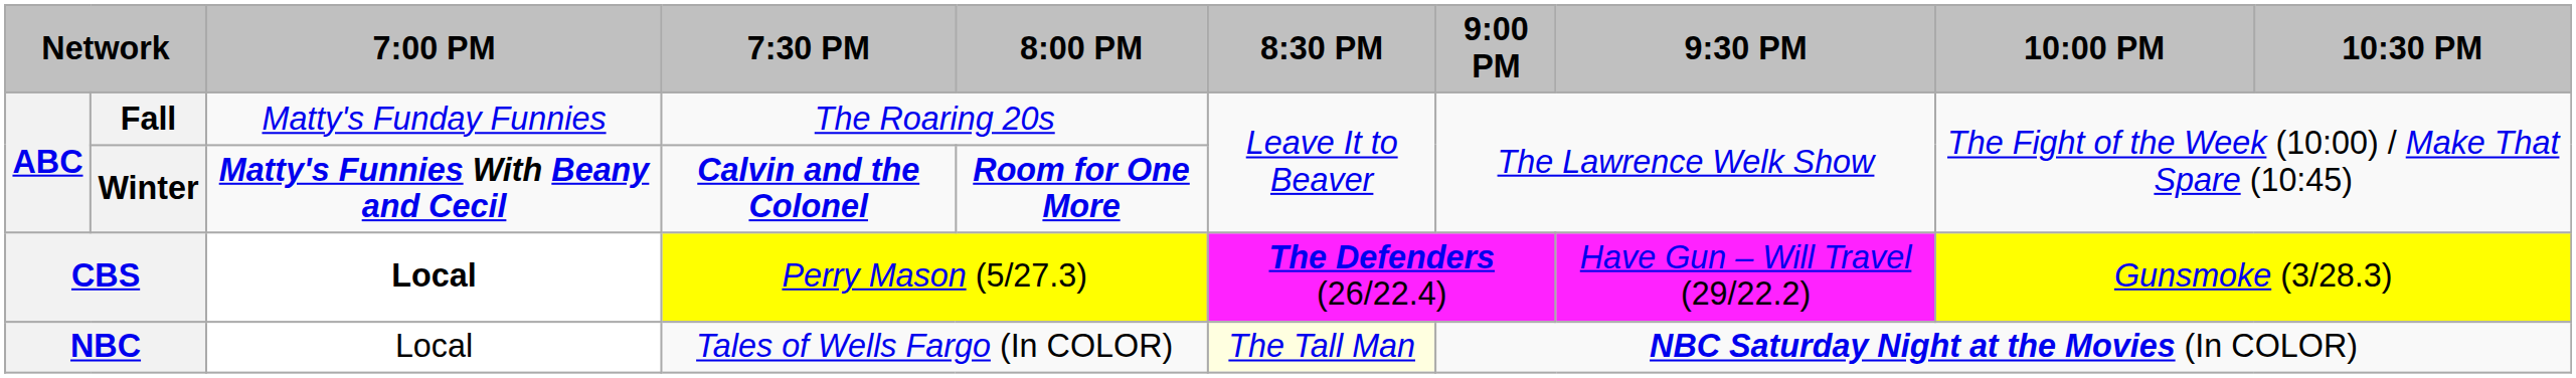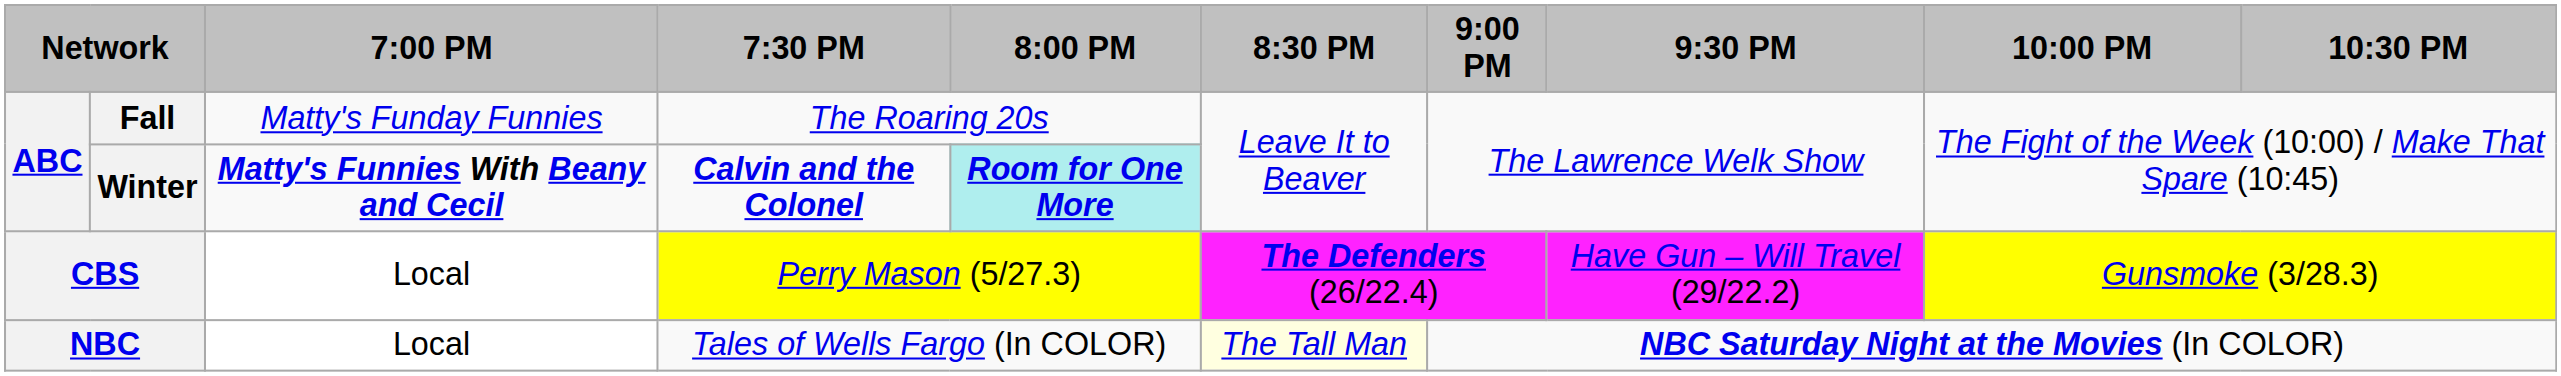 <table class="wikitable" style="width:100%;margin-right:0;text-align:center">
 <tr>
 <th colspan="2" style="background-color:#C0C0C0;text-align:center">Network</th>
 <th style="background-color:#C0C0C0;text-align:center">7:00 PM</th>
 <th style="background-color:#C0C0C0;text-align:center">7:30 PM</th>
 <th style="background-color:#C0C0C0;text-align:center">8:00 PM</th>
 <th style="background-color:#C0C0C0;text-align:center">8:30 PM</th>
 <th style="background-color:#C0C0C0;text-align:center">9:00 PM</th>
 <th style="background-color:#C0C0C0;text-align:center">9:30 PM</th>
 <th style="background-color:#C0C0C0;text-align:center">10:00 PM</th>
 <th style="background-color:#C0C0C0;text-align:center">10:30 PM</th>
 </tr>
 <tr>
 <th rowspan="2"><a href='#'>ABC</a></th>
 <th>Fall</th>
 <td colspan="1"><em><a href='#'>Matty's Funday Funnies</a></em></td>
 <td colspan="2"><em><a href='#'>The Roaring 20s</a></em></td>
 <td rowspan="2"><em><a href='#'>Leave It to Beaver</a></em></td>
 <td rowspan="2" colspan="2"><em><a href='#'>The Lawrence Welk Show</a></em></td>
 <td rowspan="2" colspan="2"><em><a href='#'>The Fight of the Week</a></em> (10:00) / <em><a href='#'>Make That Spare</a></em> (10:45)</td>
 </tr>
 <tr>
 <th>Winter</th>
 <td><strong><em><a href='#'>Matty's Funnies</a> With <a href='#'>Beany and Cecil</a></em></strong></td>
 <td><strong><em><a href='#'>Calvin and the Colonel</a></em></strong></td>
-<td><strong><em><a href='#'>Room for One More</a></em></strong></td>
+<td style="background: paleturquoise;"><strong><em><a href='#'>Room for One More</a></em></strong></td>
 </tr>
 <tr>
 <th colspan="2"><a href='#'>CBS</a></th>
-<td bgcolor="white"><strong>Local</strong></td>
+<td bgcolor="white">Local</td>
 <td colspan="2" bgcolor="#FFFF00"><em><a href='#'>Perry Mason</a></em> (5/27.3)</td>
 <td colspan="2" bgcolor="#FF22FF"><strong><em><a href='#'>The Defenders</a></em></strong> (26/22.4)</td>
 <td bgcolor="#FF22FF"><em><a href='#'>Have Gun – Will Travel</a></em> (29/22.2)</td>
 <td bgcolor="#FFFF00" colspan="2"><em><a href='#'>Gunsmoke</a></em> (3/28.3)</td>
 </tr>
 <tr>
 <th colspan="2"><a href='#'>NBC</a></th>
 <td bgcolor="white">Local</td>
 <td colspan="2"><em><a href='#'>Tales of Wells Fargo</a></em> (In <span>C</span><span>O</span><span>L</span><span>O</span><span>R</span>)</td>
 <td style="background: lightyellow;"><em><a href='#'>The Tall Man</a></em></td>
 <td colspan="4"><strong><em><a href='#'>NBC Saturday Night at the Movies</a></em></strong> (In <span>C</span><span>O</span><span>L</span><span>O</span><span>R</span>)</td>
 </tr>
 </table>
